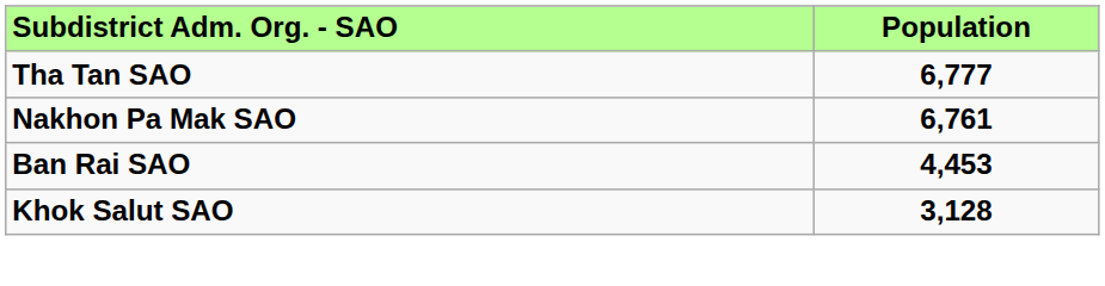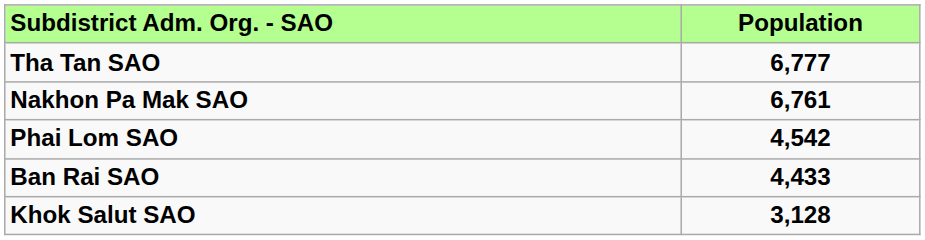 <table class="wikitable" style="width:48%; display:inline-table;">
 <tr>
 <th scope="col" style= "width:74%; background: #b4ff90; text-align:left;"><strong>Subdistrict Adm. Org. - SAO</strong></th>
 <th scope="col" style= "width:26%; background: #b4ff90; text-align:center;"><strong>Population</strong></th>
 </tr>
 <tr>
 <td><strong>Tha Tan SAO</strong></td>
 <td style="text-align:center;"><strong>6,777</strong></td>
 </tr>
 <tr>
 <td><strong>Nakhon Pa Mak SAO</strong></td>
 <td style="text-align:center;"><strong>6,761</strong></td>
 </tr>
 <tr>
+<td><strong>Phai Lom SAO</strong></td>
+<td style="text-align:center;"><strong>4,542</strong></td>
+</tr>
+<tr>
 <td><strong>Ban Rai SAO</strong></td>
-<td style="text-align:center;"><strong>4,453</strong></td>
+<td style="text-align:center;"><strong>4,433</strong></td>
 </tr>
 <tr>
 <td><strong>Khok Salut SAO</strong></td>
 <td style="text-align:center;"><strong>3,128</strong></td>
 </tr>
 </table>
